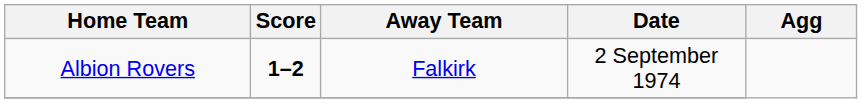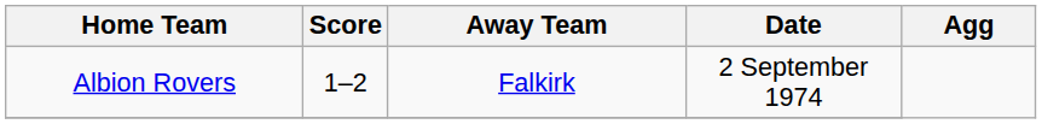 <table class="wikitable" style="text-align:center;">
 <tr>
 <th width=175>Home Team</th>
 <th width=20>Score</th>
 <th width=175>Away Team</th>
 <th width= 125>Date</th>
 <th width= 75>Agg</th>
 </tr>
 <tr>
 <td><a href='#'>Albion Rovers</a></td>
-<td><strong>1–2</strong></td>
+<td>1–2</td>
 <td><a href='#'>Falkirk</a></td>
 <td>2 September 1974</td>
 </tr>
 <tr>
 </tr>
 </table>
